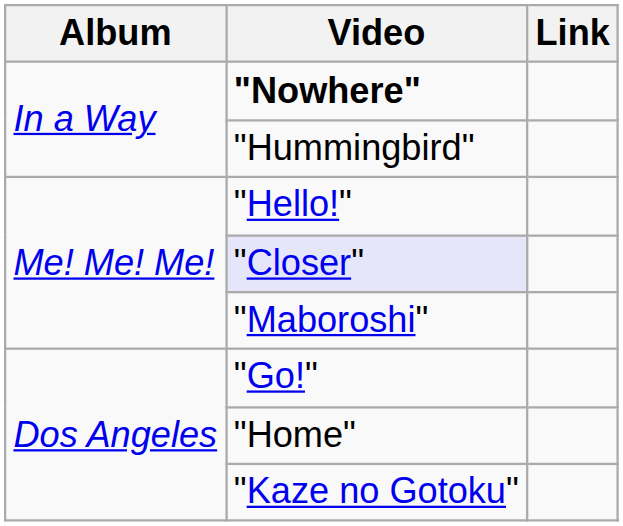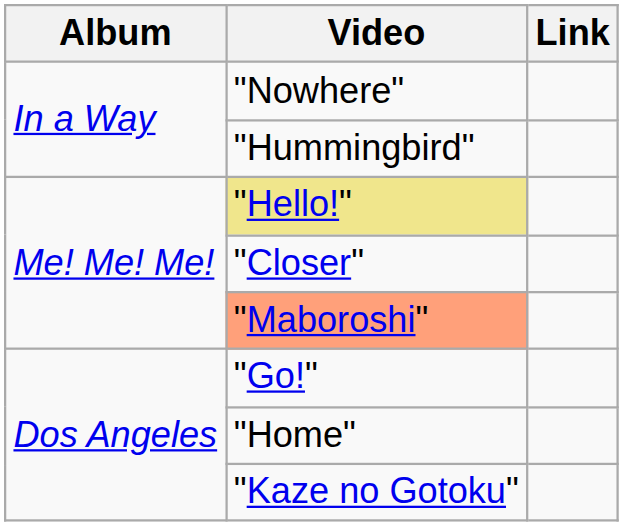 <table class="wikitable">
 <tr>
 <th>Album</th>
 <th>Video</th>
 <th>Link</th>
 </tr>
 <tr>
 <td rowspan="2"><em><a href='#'>In a Way</a></em></td>
-<td><strong>"Nowhere"</strong></td>
+<td>"Nowhere"</td>
 <td></td>
 </tr>
 <tr>
 <td>"Hummingbird"</td>
 <td></td>
 </tr>
 <tr>
 <td rowspan="3"><em><a href='#'>Me! Me! Me!</a></em></td>
-<td>"<a href='#'>Hello!</a>"</td>
+<td style="background: khaki;">"<a href='#'>Hello!</a>"</td>
 <td></td>
 </tr>
 <tr>
-<td style="background: lavender;">"<a href='#'>Closer</a>"</td>
+<td>"<a href='#'>Closer</a>"</td>
 <td></td>
 </tr>
 <tr>
-<td>"<a href='#'>Maboroshi</a>"</td>
+<td style="background: lightsalmon;">"<a href='#'>Maboroshi</a>"</td>
 <td></td>
 </tr>
 <tr>
 <td rowspan="3"><em><a href='#'>Dos Angeles</a></em></td>
 <td>"<a href='#'>Go!</a>"</td>
 <td></td>
 </tr>
 <tr>
 <td>"Home"</td>
 <td></td>
 </tr>
 <tr>
 <td>"<a href='#'>Kaze no Gotoku</a>"</td>
 <td></td>
 </tr>
 </table>
